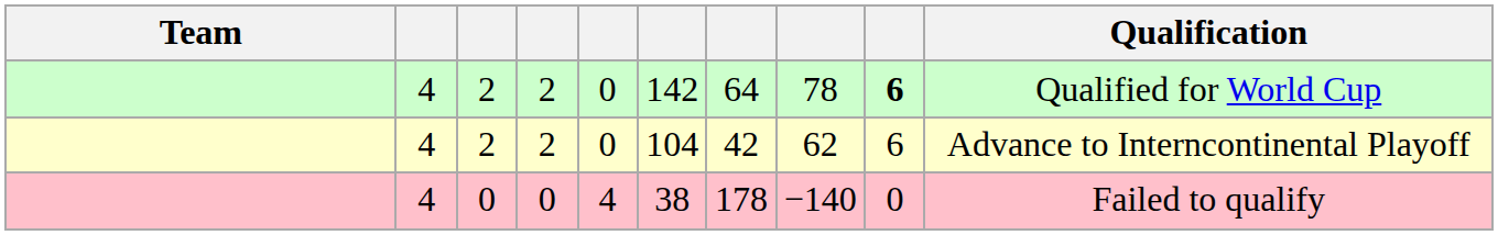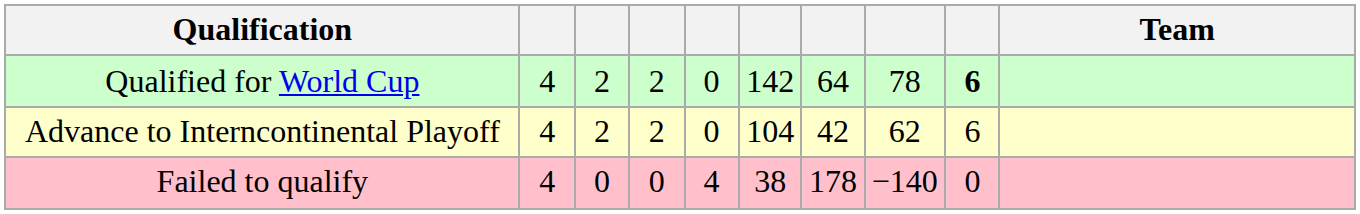 <table class="wikitable" style="text-align:center">
 <tr style="background:#bdb76b;">
-<th style="width:170px">Team</th>
+<th width="250">Qualification</th>
 <th width="20"></th>
 <th width="20"></th>
 <th width="20"></th>
 <th width="20"></th>
 <th width="20"></th>
 <th width="20"></th>
 <th width="20"></th>
 <th width="20"></th>
-<th width="250">Qualification</th>
+<th style="width:170px">Team</th>
 </tr>
 <tr style="background:#cfc;">
-<td style="text-align:left;"></td>
+<td>Qualified for <a href='#'>World Cup</a></td>
 <td>4</td>
 <td>2</td>
 <td>2</td>
 <td>0</td>
 <td>142</td>
 <td>64</td>
 <td>78</td>
 <td><strong>6</strong></td>
-<td>Qualified for <a href='#'>World Cup</a></td>
+<td style="text-align:left;"></td>
 </tr>
 <tr style="background:#ffc">
-<td style="text-align:left;"></td>
+<td>Advance to Interncontinental Playoff</td>
 <td>4</td>
 <td>2</td>
 <td>2</td>
 <td>0</td>
 <td>104</td>
 <td>42</td>
 <td>62</td>
 <td>6</td>
-<td>Advance to Interncontinental Playoff</td>
+<td style="text-align:left;"></td>
 </tr>
 <tr style="background:#FFC0CB;">
-<td style="text-align:left;"></td>
+<td>Failed to qualify</td>
 <td>4</td>
 <td>0</td>
 <td>0</td>
 <td>4</td>
 <td>38</td>
 <td>178</td>
 <td>−140</td>
 <td>0</td>
-<td>Failed to qualify</td>
+<td style="text-align:left;"></td>
 </tr>
 </table>
